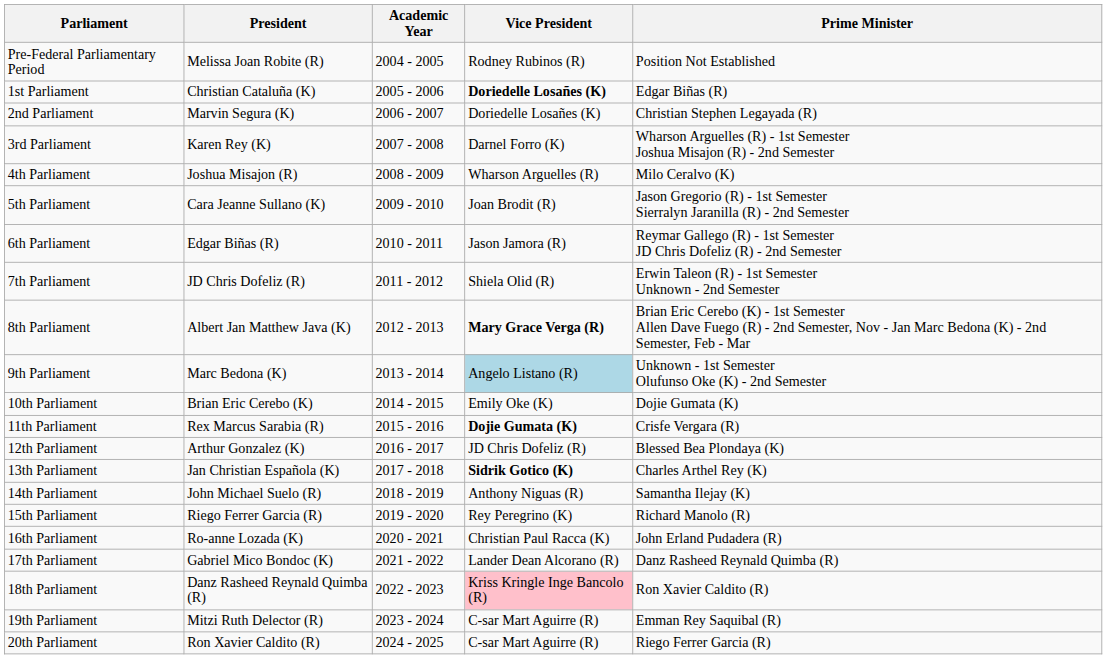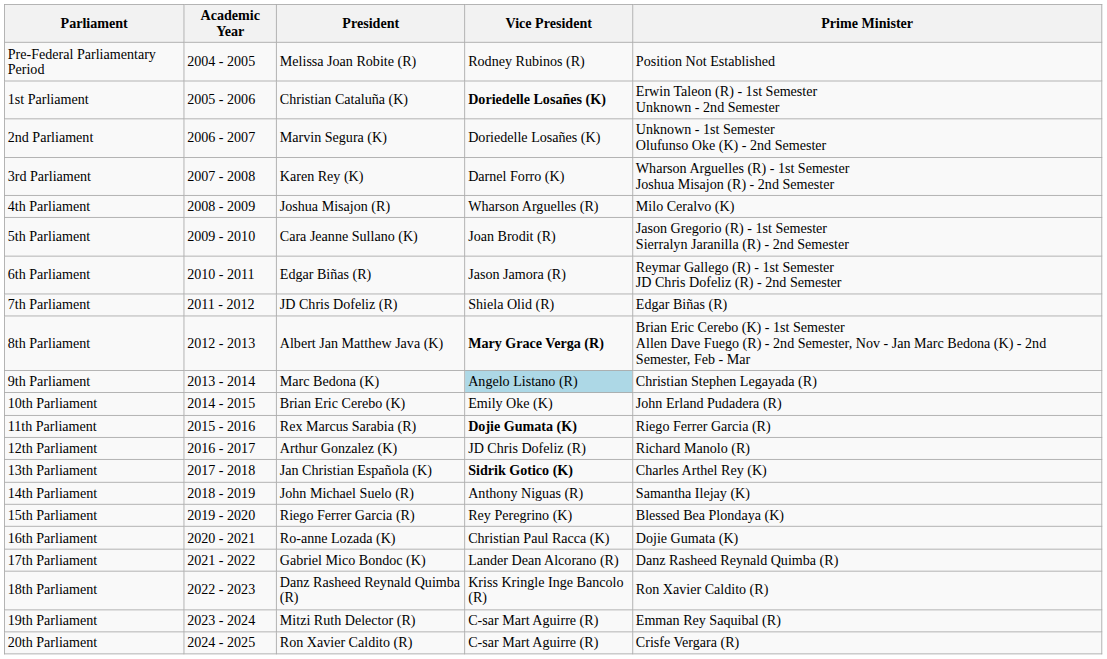 <table class="wikitable sortable">
 <tr>
 <th>Parliament</th>
+<th>Academic Year</th>
 <th>President</th>
-<th>Academic Year</th>
 <th>Vice President</th>
 <th>Prime Minister</th>
 </tr>
 <tr>
 <td>Pre-Federal Parliamentary Period</td>
+<td>2004 - 2005</td>
 <td>Melissa Joan Robite (R)</td>
-<td>2004 - 2005</td>
 <td>Rodney Rubinos (R)</td>
 <td>Position Not Established</td>
 </tr>
 <tr>
 <td>1st Parliament</td>
+<td>2005 - 2006</td>
 <td>Christian Cataluña (K)</td>
-<td>2005 - 2006</td>
 <td><strong>Doriedelle Losañes (K)</strong></td>
-<td>Edgar Biñas (R)</td>
+<td>Erwin Taleon (R) - 1st Semester<br>Unknown - 2nd Semester</td>
 </tr>
 <tr>
 <td>2nd Parliament</td>
+<td>2006 - 2007</td>
 <td>Marvin Segura (K)</td>
-<td>2006 - 2007</td>
 <td>Doriedelle Losañes (K)</td>
-<td>Christian Stephen Legayada (R)</td>
+<td>Unknown - 1st Semester<br>Olufunso Oke (K) - 2nd Semester</td>
 </tr>
 <tr>
 <td>3rd Parliament</td>
+<td>2007 - 2008</td>
 <td>Karen Rey (K)</td>
-<td>2007 - 2008</td>
 <td>Darnel Forro (K)</td>
 <td>Wharson Arguelles (R) - 1st Semester<br>Joshua Misajon (R) - 2nd Semester</td>
 </tr>
 <tr>
 <td>4th Parliament</td>
+<td>2008 - 2009</td>
 <td>Joshua Misajon (R)</td>
-<td>2008 - 2009</td>
 <td>Wharson Arguelles (R)</td>
 <td>Milo Ceralvo (K)</td>
 </tr>
 <tr>
 <td>5th Parliament</td>
+<td>2009 - 2010</td>
 <td>Cara Jeanne Sullano (K)</td>
-<td>2009 - 2010</td>
 <td>Joan Brodit (R)</td>
 <td>Jason Gregorio (R) - 1st Semester<br>Sierralyn Jaranilla (R) - 2nd Semester</td>
 </tr>
 <tr>
 <td>6th Parliament</td>
+<td>2010 - 2011</td>
 <td>Edgar Biñas (R)</td>
-<td>2010 - 2011</td>
 <td>Jason Jamora (R)</td>
 <td>Reymar Gallego (R) - 1st Semester<br>JD Chris Dofeliz (R) - 2nd Semester</td>
 </tr>
 <tr>
 <td>7th Parliament</td>
+<td>2011 - 2012</td>
 <td>JD Chris Dofeliz (R)</td>
-<td>2011 - 2012</td>
 <td>Shiela Olid (R)</td>
-<td>Erwin Taleon (R) - 1st Semester<br>Unknown - 2nd Semester</td>
+<td>Edgar Biñas (R)</td>
 </tr>
 <tr>
 <td>8th Parliament</td>
+<td>2012 - 2013</td>
 <td>Albert Jan Matthew Java (K)</td>
-<td>2012 - 2013</td>
 <td><strong>Mary Grace Verga (R)</strong></td>
 <td>Brian Eric Cerebo (K) - 1st Semester<br>Allen Dave Fuego (R) - 2nd Semester, Nov - Jan Marc Bedona (K) - 2nd Semester, Feb - Mar</td>
 </tr>
 <tr>
 <td>9th Parliament</td>
+<td>2013 - 2014</td>
 <td>Marc Bedona (K)</td>
-<td>2013 - 2014</td>
 <td style="background: lightblue;">Angelo Listano (R)</td>
-<td>Unknown - 1st Semester<br>Olufunso Oke (K) - 2nd Semester</td>
+<td>Christian Stephen Legayada (R)</td>
 </tr>
 <tr>
 <td>10th Parliament</td>
+<td>2014 - 2015</td>
 <td>Brian Eric Cerebo (K)</td>
-<td>2014 - 2015</td>
 <td>Emily Oke (K)</td>
-<td>Dojie Gumata (K)</td>
+<td>John Erland Pudadera (R)</td>
 </tr>
 <tr>
 <td>11th Parliament</td>
+<td>2015 - 2016</td>
 <td>Rex Marcus Sarabia (R)</td>
-<td>2015 - 2016</td>
 <td><strong>Dojie Gumata (K)</strong></td>
-<td>Crisfe Vergara (R)</td>
+<td>Riego Ferrer Garcia (R)</td>
 </tr>
 <tr>
 <td>12th Parliament</td>
+<td>2016 - 2017</td>
 <td>Arthur Gonzalez (K)</td>
-<td>2016 - 2017</td>
 <td>JD Chris Dofeliz (R)</td>
-<td>Blessed Bea Plondaya (K)</td>
+<td>Richard Manolo (R)</td>
 </tr>
 <tr>
 <td>13th Parliament</td>
+<td>2017 - 2018</td>
 <td>Jan Christian Española (K)</td>
-<td>2017 - 2018</td>
 <td><strong>Sidrik Gotico (K)</strong></td>
 <td>Charles Arthel Rey (K)</td>
 </tr>
 <tr>
 <td>14th Parliament</td>
+<td>2018 - 2019</td>
 <td>John Michael Suelo (R)</td>
-<td>2018 - 2019</td>
 <td>Anthony Niguas (R)</td>
 <td>Samantha Ilejay (K)</td>
 </tr>
 <tr>
 <td>15th Parliament</td>
+<td>2019 - 2020</td>
 <td>Riego Ferrer Garcia (R)</td>
-<td>2019 - 2020</td>
 <td>Rey Peregrino (K)</td>
-<td>Richard Manolo (R)</td>
+<td>Blessed Bea Plondaya (K)</td>
 </tr>
 <tr>
 <td>16th Parliament</td>
+<td>2020 - 2021</td>
 <td>Ro-anne Lozada (K)</td>
-<td>2020 - 2021</td>
 <td>Christian Paul Racca (K)</td>
-<td>John Erland Pudadera (R)</td>
+<td>Dojie Gumata (K)</td>
 </tr>
 <tr>
 <td>17th Parliament</td>
+<td>2021 - 2022</td>
 <td>Gabriel Mico Bondoc (K)</td>
-<td>2021 - 2022</td>
 <td>Lander Dean Alcorano (R)</td>
 <td>Danz Rasheed Reynald Quimba (R)</td>
 </tr>
 <tr>
 <td>18th Parliament</td>
+<td>2022 - 2023</td>
 <td>Danz Rasheed Reynald Quimba (R)</td>
-<td>2022 - 2023</td>
-<td style="background: pink;">Kriss Kringle Inge Bancolo (R)</td>
+<td>Kriss Kringle Inge Bancolo (R)</td>
 <td>Ron Xavier Caldito (R)</td>
 </tr>
 <tr>
 <td>19th Parliament</td>
+<td>2023 - 2024</td>
 <td>Mitzi Ruth Delector (R)</td>
-<td>2023 - 2024</td>
 <td>C-sar Mart Aguirre (R)</td>
 <td>Emman Rey Saquibal (R)</td>
 </tr>
 <tr>
 <td>20th Parliament</td>
+<td>2024 - 2025</td>
 <td>Ron Xavier Caldito (R)</td>
-<td>2024 - 2025</td>
 <td>C-sar Mart Aguirre (R)</td>
-<td>Riego Ferrer Garcia (R)</td>
+<td>Crisfe Vergara (R)</td>
 </tr>
 </table>
